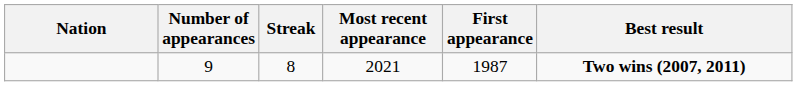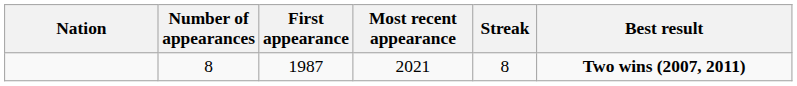 <table class="wikitable sortable" style="font-size:97%; text-align:center">
 <tr>
 <th width="130">Nation</th>
 <th width="60">Number of appearances</th>
+<th width="60">First appearance</th>
+<th width="100">Most recent appearance</th>
 <th width="50">Streak</th>
-<th width="100">Most recent appearance</th>
-<th width="60">First appearance</th>
 <th width="220">Best result</th>
 </tr>
 <tr>
 <td align=left></td>
-<td>9</td>
 <td>8</td>
+<td>1987</td>
 <td>2021</td>
-<td>1987</td>
+<td>8</td>
 <td><strong>Two wins (2007, 2011)</strong></td>
 </tr>
 </table>
